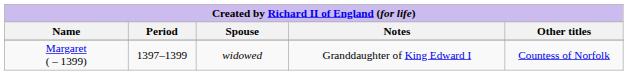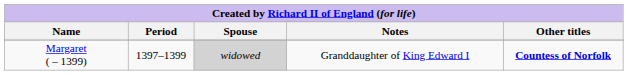 <table style="text-align:center; width:70%" class="wikitable">
 <tr>
 <th colspan="6" style="background-color: #cbe">Created by <a href='#'>Richard II of England</a> (<em>for life</em>)</th>
 </tr>
 <tr>
 <th style="width:20%">Name</th>
 <th>Period</th>
 <th style="width:15%">Spouse</th>
 <th style="width:35%">Notes</th>
 <th>Other titles</th>
 </tr>
 <tr bgcolor="#dddddd" |>
 </tr>
 <tr>
 <td><a href='#'>Margaret</a><br>( – 1399)</td>
 <td>1397–1399</td>
-<td><em>widowed</em></td>
+<td style="background: lightgrey;"><em>widowed</em></td>
 <td>Granddaughter of <a href='#'>King Edward I</a></td>
-<td><a href='#'>Countess of Norfolk</a></td>
+<td><strong><a href='#'>Countess of Norfolk</a></strong></td>
 </tr>
 </table>
